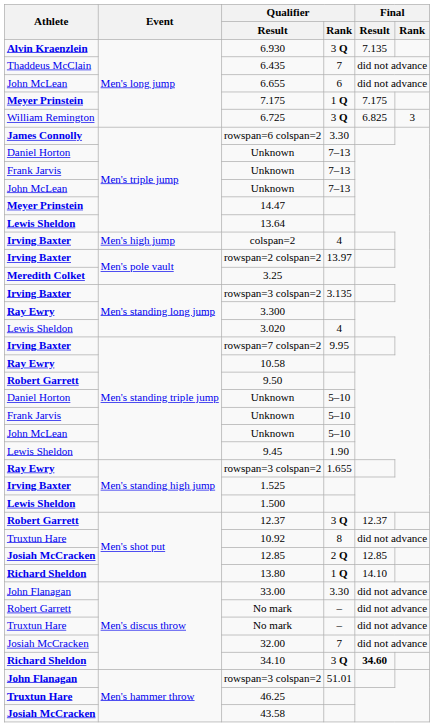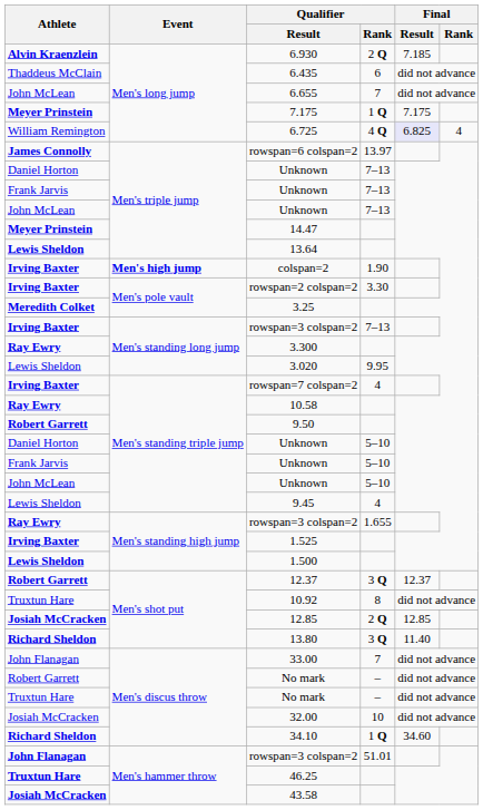 <table class="wikitable">
 <tr>
 <th rowspan=2>Athlete</th>
 <th rowspan=2>Event</th>
 <th colspan=2>Qualifier</th>
 <th colspan=2>Final</th>
 </tr>
 <tr>
 <th>Result</th>
 <th>Rank</th>
 <th>Result</th>
 <th>Rank</th>
 </tr>
 <tr align=center>
 <td align=left><strong><a href='#'>Alvin Kraenzlein</a></strong></td>
 <td rowspan=5 align=left><a href='#'>Men's long jump</a></td>
 <td>6.930</td>
-<td>3 <strong>Q</strong></td>
-<td>7.135</td>
+<td>2 <strong>Q</strong></td>
+<td>7.185</td>
 <td></td>
 </tr>
 <tr align=center>
 <td align=left><a href='#'>Thaddeus McClain</a></td>
 <td>6.435</td>
-<td>7</td>
+<td>6</td>
 <td colspan=2>did not advance</td>
 </tr>
 <tr align=center>
 <td align=left><a href='#'>John McLean</a></td>
 <td>6.655</td>
-<td>6</td>
+<td>7</td>
 <td colspan=2>did not advance</td>
 </tr>
 <tr align=center>
 <td align=left><strong><a href='#'>Meyer Prinstein</a></strong></td>
 <td>7.175</td>
 <td>1 <strong>Q</strong></td>
 <td>7.175</td>
 <td></td>
 </tr>
 <tr align=center>
 <td align=left><a href='#'>William Remington</a></td>
 <td>6.725</td>
-<td>3 <strong>Q</strong></td>
-<td>6.825</td>
-<td>3</td>
+<td>4 <strong>Q</strong></td>
+<td style="background: lavender;">6.825</td>
+<td>4</td>
 </tr>
 <tr align=center>
 <td align=left><strong><a href='#'>James Connolly</a></strong></td>
 <td rowspan=6 align=left><a href='#'>Men's triple jump</a></td>
 <td>rowspan=6 colspan=2 </td>
-<td>3.30</td>
+<td>13.97</td>
 <td></td>
 </tr>
 <tr align=center>
 <td align=left><a href='#'>Daniel Horton</a></td>
 <td>Unknown</td>
 <td>7–13</td>
 </tr>
 <tr align=center>
 <td align=left><a href='#'>Frank Jarvis</a></td>
 <td>Unknown</td>
 <td>7–13</td>
 </tr>
 <tr align=center>
 <td align=left><a href='#'>John McLean</a></td>
 <td>Unknown</td>
 <td>7–13</td>
 </tr>
 <tr align=center>
 <td align=left><strong><a href='#'>Meyer Prinstein</a></strong></td>
 <td>14.47</td>
 <td></td>
 </tr>
 <tr align=center>
 <td align=left><strong><a href='#'>Lewis Sheldon</a></strong></td>
 <td>13.64</td>
 <td></td>
 </tr>
 <tr align=center>
 <td align=left><strong><a href='#'>Irving Baxter</a></strong></td>
-<td align=left><a href='#'>Men's high jump</a></td>
+<td align=left><strong><a href='#'>Men's high jump</a></strong></td>
 <td>colspan=2 </td>
-<td>4</td>
+<td>1.90</td>
 <td></td>
 </tr>
 <tr align=center>
 <td align=left><strong><a href='#'>Irving Baxter</a></strong></td>
 <td rowspan=2 align=left><a href='#'>Men's pole vault</a></td>
 <td>rowspan=2 colspan=2 </td>
-<td>13.97</td>
+<td>3.30</td>
 <td></td>
 </tr>
 <tr align=center>
 <td align=left><strong><a href='#'>Meredith Colket</a></strong></td>
 <td>3.25</td>
 <td></td>
 </tr>
 <tr align=center>
 <td align=left><strong><a href='#'>Irving Baxter</a></strong></td>
 <td rowspan=3 align=left><a href='#'>Men's standing long jump</a></td>
 <td>rowspan=3 colspan=2 </td>
-<td>3.135</td>
+<td>7–13</td>
 <td></td>
 </tr>
 <tr align=center>
 <td align=left><strong><a href='#'>Ray Ewry</a></strong></td>
 <td>3.300</td>
 <td></td>
 </tr>
 <tr align=center>
 <td align=left><a href='#'>Lewis Sheldon</a></td>
 <td>3.020</td>
-<td>4</td>
+<td>9.95</td>
 </tr>
 <tr align=center>
 <td align=left><strong><a href='#'>Irving Baxter</a></strong></td>
 <td rowspan=7 align=left><a href='#'>Men's standing triple jump</a></td>
 <td>rowspan=7 colspan=2 </td>
-<td>9.95</td>
+<td>4</td>
 <td></td>
 </tr>
 <tr align=center>
 <td align=left><strong><a href='#'>Ray Ewry</a></strong></td>
 <td>10.58</td>
 <td></td>
 </tr>
 <tr align=center>
 <td align=left><strong><a href='#'>Robert Garrett</a></strong></td>
 <td>9.50</td>
 <td></td>
 </tr>
 <tr align=center>
 <td align=left><a href='#'>Daniel Horton</a></td>
 <td>Unknown</td>
 <td>5–10</td>
 </tr>
 <tr align=center>
 <td align=left><a href='#'>Frank Jarvis</a></td>
 <td>Unknown</td>
 <td>5–10</td>
 </tr>
 <tr align=center>
 <td align=left><a href='#'>John McLean</a></td>
 <td>Unknown</td>
 <td>5–10</td>
 </tr>
 <tr align=center>
 <td align=left><a href='#'>Lewis Sheldon</a></td>
 <td>9.45</td>
-<td>1.90</td>
+<td>4</td>
 </tr>
 <tr align=center>
 <td align=left><strong><a href='#'>Ray Ewry</a></strong></td>
 <td rowspan=3 align=left><a href='#'>Men's standing high jump</a></td>
 <td>rowspan=3 colspan=2 </td>
 <td>1.655</td>
 <td></td>
 </tr>
 <tr align=center>
 <td align=left><strong><a href='#'>Irving Baxter</a></strong></td>
 <td>1.525</td>
 <td></td>
 </tr>
 <tr align=center>
 <td align=left><strong><a href='#'>Lewis Sheldon</a></strong></td>
 <td>1.500</td>
 <td></td>
 </tr>
 <tr align=center>
 <td align=left><strong><a href='#'>Robert Garrett</a></strong></td>
 <td rowspan=4 align=left><a href='#'>Men's shot put</a></td>
 <td>12.37</td>
 <td>3 <strong>Q</strong></td>
 <td>12.37</td>
 <td></td>
 </tr>
 <tr align=center>
 <td align=left><a href='#'>Truxtun Hare</a></td>
 <td>10.92</td>
 <td>8</td>
 <td colspan=2>did not advance</td>
 </tr>
 <tr align=center>
 <td align=left><strong><a href='#'>Josiah McCracken</a></strong></td>
 <td>12.85</td>
 <td>2 <strong>Q</strong></td>
 <td>12.85</td>
 <td></td>
 </tr>
 <tr align=center>
 <td align=left><strong><a href='#'>Richard Sheldon</a></strong></td>
 <td>13.80</td>
-<td>1 <strong>Q</strong></td>
-<td>14.10</td>
+<td>3 <strong>Q</strong></td>
+<td>11.40</td>
 <td></td>
 </tr>
 <tr align=center>
 <td align=left><a href='#'>John Flanagan</a></td>
 <td rowspan=5 align=left><a href='#'>Men's discus throw</a></td>
 <td>33.00</td>
-<td>3.30</td>
+<td>7</td>
 <td colspan=2>did not advance</td>
 </tr>
 <tr align=center>
 <td align=left><a href='#'>Robert Garrett</a></td>
 <td>No mark</td>
 <td>–</td>
 <td colspan=2>did not advance</td>
 </tr>
 <tr align=center>
 <td align=left><a href='#'>Truxtun Hare</a></td>
 <td>No mark</td>
 <td>–</td>
 <td colspan=2>did not advance</td>
 </tr>
 <tr align=center>
 <td align=left><a href='#'>Josiah McCracken</a></td>
 <td>32.00</td>
-<td>7</td>
+<td>10</td>
 <td colspan=2>did not advance</td>
 </tr>
 <tr align=center>
 <td align=left><strong><a href='#'>Richard Sheldon</a></strong></td>
 <td>34.10</td>
-<td>3 <strong>Q</strong></td>
-<td><strong>34.60</strong></td>
+<td>1 <strong>Q</strong></td>
+<td>34.60</td>
 <td></td>
 </tr>
 <tr align=center>
 <td align=left><strong><a href='#'>John Flanagan</a></strong></td>
 <td rowspan=3 align=left><a href='#'>Men's hammer throw</a></td>
 <td>rowspan=3 colspan=2 </td>
 <td>51.01</td>
 <td></td>
 </tr>
 <tr align=center>
 <td align=left><strong><a href='#'>Truxtun Hare</a></strong></td>
 <td>46.25</td>
 <td></td>
 </tr>
 <tr align=center>
 <td align=left><strong><a href='#'>Josiah McCracken</a></strong></td>
 <td>43.58</td>
 <td></td>
 </tr>
 </table>
